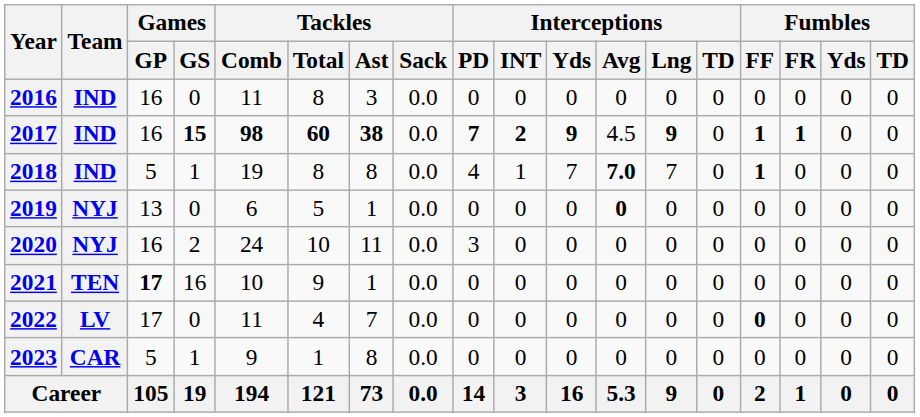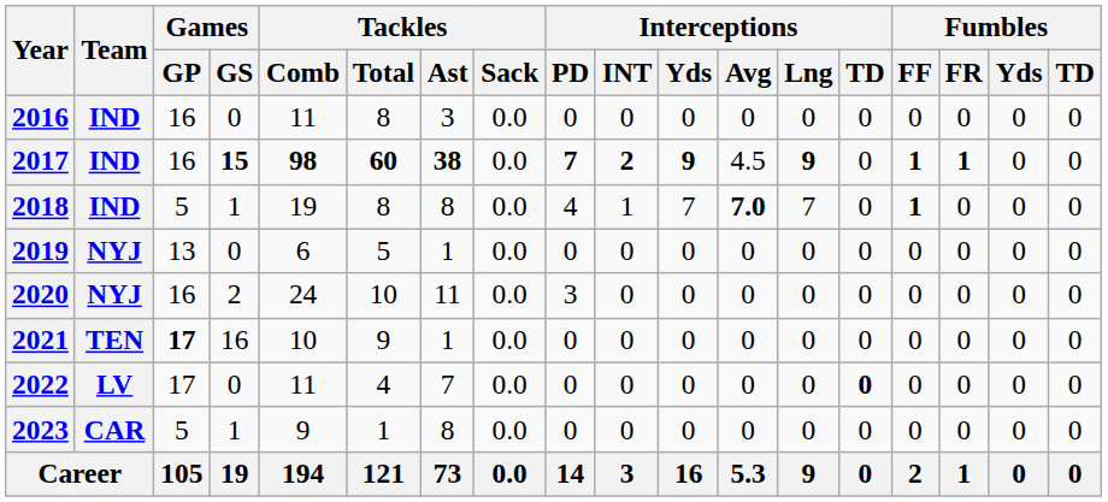 <table class="wikitable" style="text-align:center;">
 <tr>
 <th rowspan="2">Year</th>
 <th rowspan="2">Team</th>
 <th colspan="2">Games</th>
 <th colspan="4">Tackles</th>
 <th colspan="6">Interceptions</th>
 <th colspan="4">Fumbles</th>
 </tr>
 <tr>
 <th>GP</th>
 <th>GS</th>
 <th>Comb</th>
 <th>Total</th>
 <th>Ast</th>
 <th>Sack</th>
 <th>PD</th>
 <th>INT</th>
 <th>Yds</th>
 <th>Avg</th>
 <th>Lng</th>
 <th>TD</th>
 <th>FF</th>
 <th>FR</th>
 <th>Yds</th>
 <th>TD</th>
 </tr>
 <tr>
 <th><a href='#'>2016</a></th>
 <th><a href='#'>IND</a></th>
 <td>16</td>
 <td>0</td>
 <td>11</td>
 <td>8</td>
 <td>3</td>
 <td>0.0</td>
 <td>0</td>
 <td>0</td>
 <td>0</td>
 <td>0</td>
 <td>0</td>
 <td>0</td>
 <td>0</td>
 <td>0</td>
 <td>0</td>
 <td>0</td>
 </tr>
 <tr>
 <th><a href='#'>2017</a></th>
 <th><a href='#'>IND</a></th>
 <td>16</td>
 <td><strong>15</strong></td>
 <td><strong>98</strong></td>
 <td><strong>60</strong></td>
 <td><strong>38</strong></td>
 <td>0.0</td>
 <td><strong>7</strong></td>
 <td><strong>2</strong></td>
 <td><strong>9</strong></td>
 <td>4.5</td>
 <td><strong>9</strong></td>
 <td>0</td>
 <td><strong>1</strong></td>
 <td><strong>1</strong></td>
 <td>0</td>
 <td>0</td>
 </tr>
 <tr>
 <th><a href='#'>2018</a></th>
 <th><a href='#'>IND</a></th>
 <td>5</td>
 <td>1</td>
 <td>19</td>
 <td>8</td>
 <td>8</td>
 <td>0.0</td>
 <td>4</td>
 <td>1</td>
 <td>7</td>
 <td><strong>7.0</strong></td>
 <td>7</td>
 <td>0</td>
 <td><strong>1</strong></td>
 <td>0</td>
 <td>0</td>
 <td>0</td>
 </tr>
 <tr>
 <th><a href='#'>2019</a></th>
 <th><a href='#'>NYJ</a></th>
 <td>13</td>
 <td>0</td>
 <td>6</td>
 <td>5</td>
 <td>1</td>
 <td>0.0</td>
 <td>0</td>
 <td>0</td>
 <td>0</td>
-<td><strong>0</strong></td>
+<td>0</td>
 <td>0</td>
 <td>0</td>
 <td>0</td>
 <td>0</td>
 <td>0</td>
 <td>0</td>
 </tr>
 <tr>
 <th><a href='#'>2020</a></th>
 <th><a href='#'>NYJ</a></th>
 <td>16</td>
 <td>2</td>
 <td>24</td>
 <td>10</td>
 <td>11</td>
 <td>0.0</td>
 <td>3</td>
 <td>0</td>
 <td>0</td>
 <td>0</td>
 <td>0</td>
 <td>0</td>
 <td>0</td>
 <td>0</td>
 <td>0</td>
 <td>0</td>
 </tr>
 <tr>
 <th><a href='#'>2021</a></th>
 <th><a href='#'>TEN</a></th>
 <td><strong>17</strong></td>
 <td>16</td>
 <td>10</td>
 <td>9</td>
 <td>1</td>
 <td>0.0</td>
 <td>0</td>
 <td>0</td>
 <td>0</td>
 <td>0</td>
 <td>0</td>
 <td>0</td>
 <td>0</td>
 <td>0</td>
 <td>0</td>
 <td>0</td>
 </tr>
 <tr>
 <th><a href='#'>2022</a></th>
 <th><a href='#'>LV</a></th>
 <td>17</td>
 <td>0</td>
 <td>11</td>
 <td>4</td>
 <td>7</td>
 <td>0.0</td>
 <td>0</td>
 <td>0</td>
 <td>0</td>
 <td>0</td>
 <td>0</td>
+<td><strong>0</strong></td>
 <td>0</td>
-<td><strong>0</strong></td>
 <td>0</td>
 <td>0</td>
 <td>0</td>
 </tr>
 <tr>
 <th><a href='#'>2023</a></th>
 <th><a href='#'>CAR</a></th>
 <td>5</td>
 <td>1</td>
 <td>9</td>
 <td>1</td>
 <td>8</td>
 <td>0.0</td>
 <td>0</td>
 <td>0</td>
 <td>0</td>
 <td>0</td>
 <td>0</td>
 <td>0</td>
 <td>0</td>
 <td>0</td>
 <td>0</td>
 <td>0</td>
 </tr>
 <tr>
 <th colspan="2">Career</th>
 <th>105</th>
 <th>19</th>
 <th>194</th>
 <th>121</th>
 <th>73</th>
 <th>0.0</th>
 <th>14</th>
 <th>3</th>
 <th>16</th>
 <th>5.3</th>
 <th>9</th>
 <th>0</th>
 <th>2</th>
 <th>1</th>
 <th>0</th>
 <th>0</th>
 </tr>
 </table>
